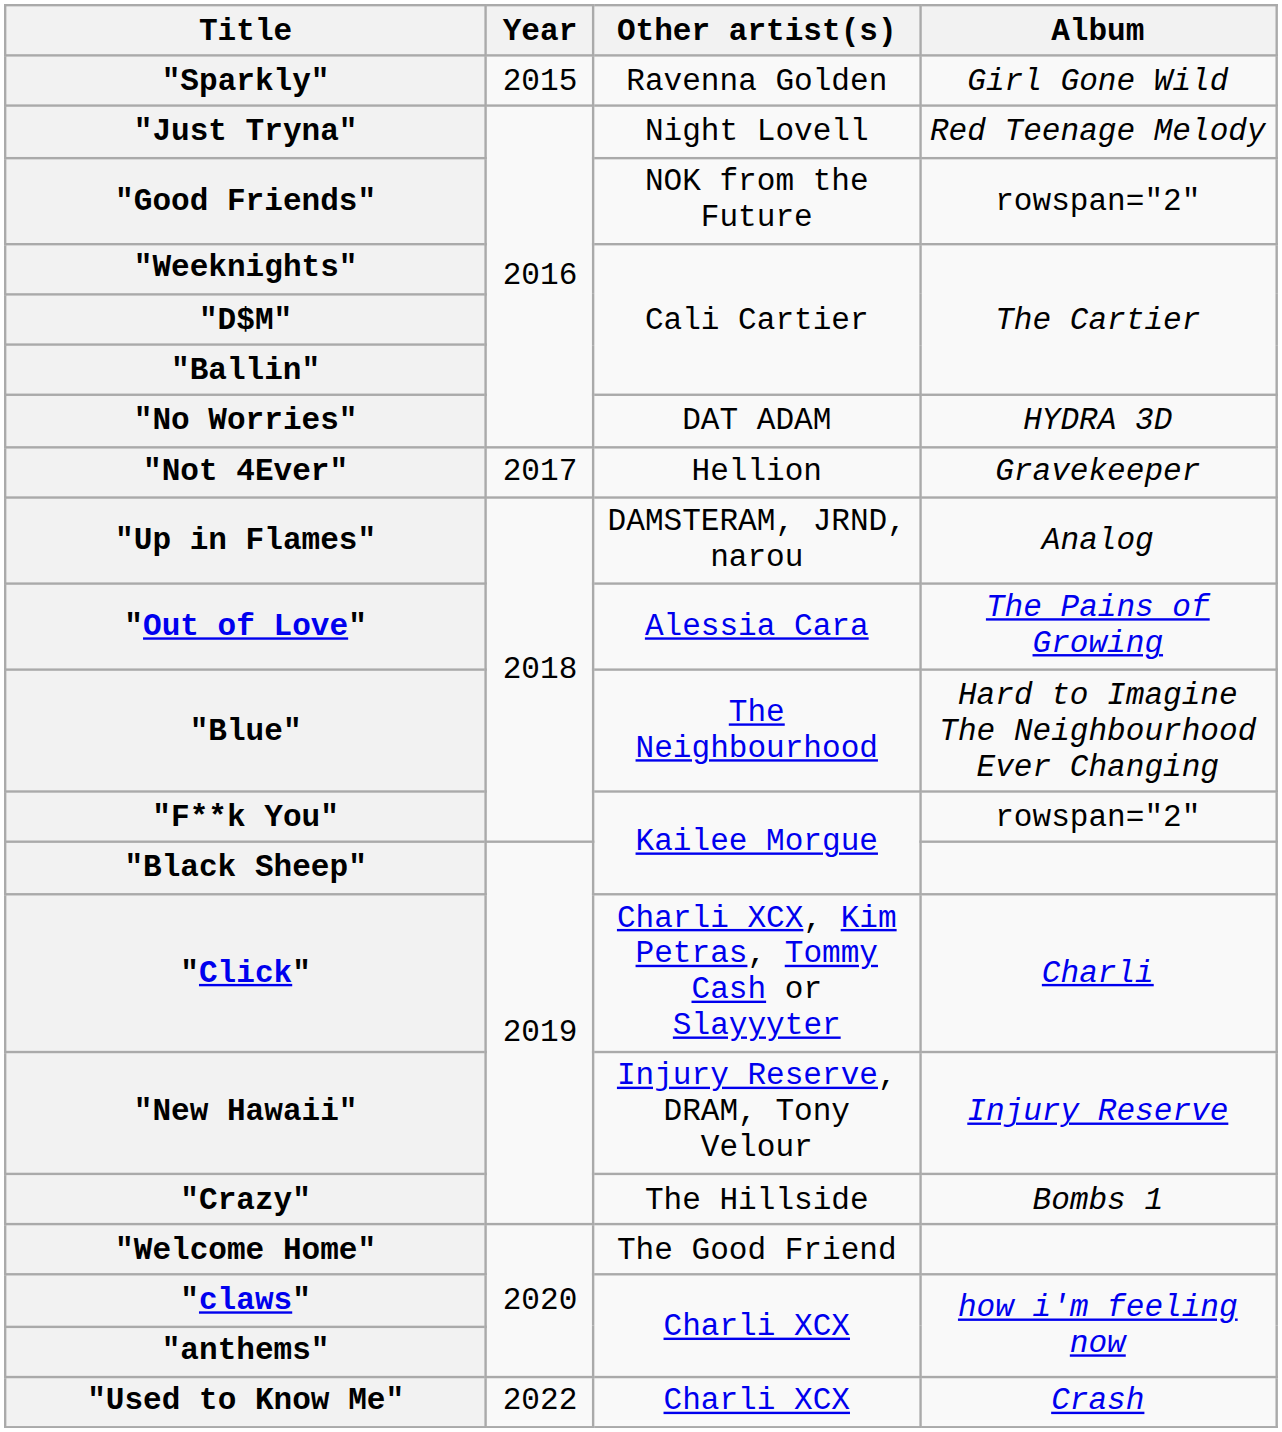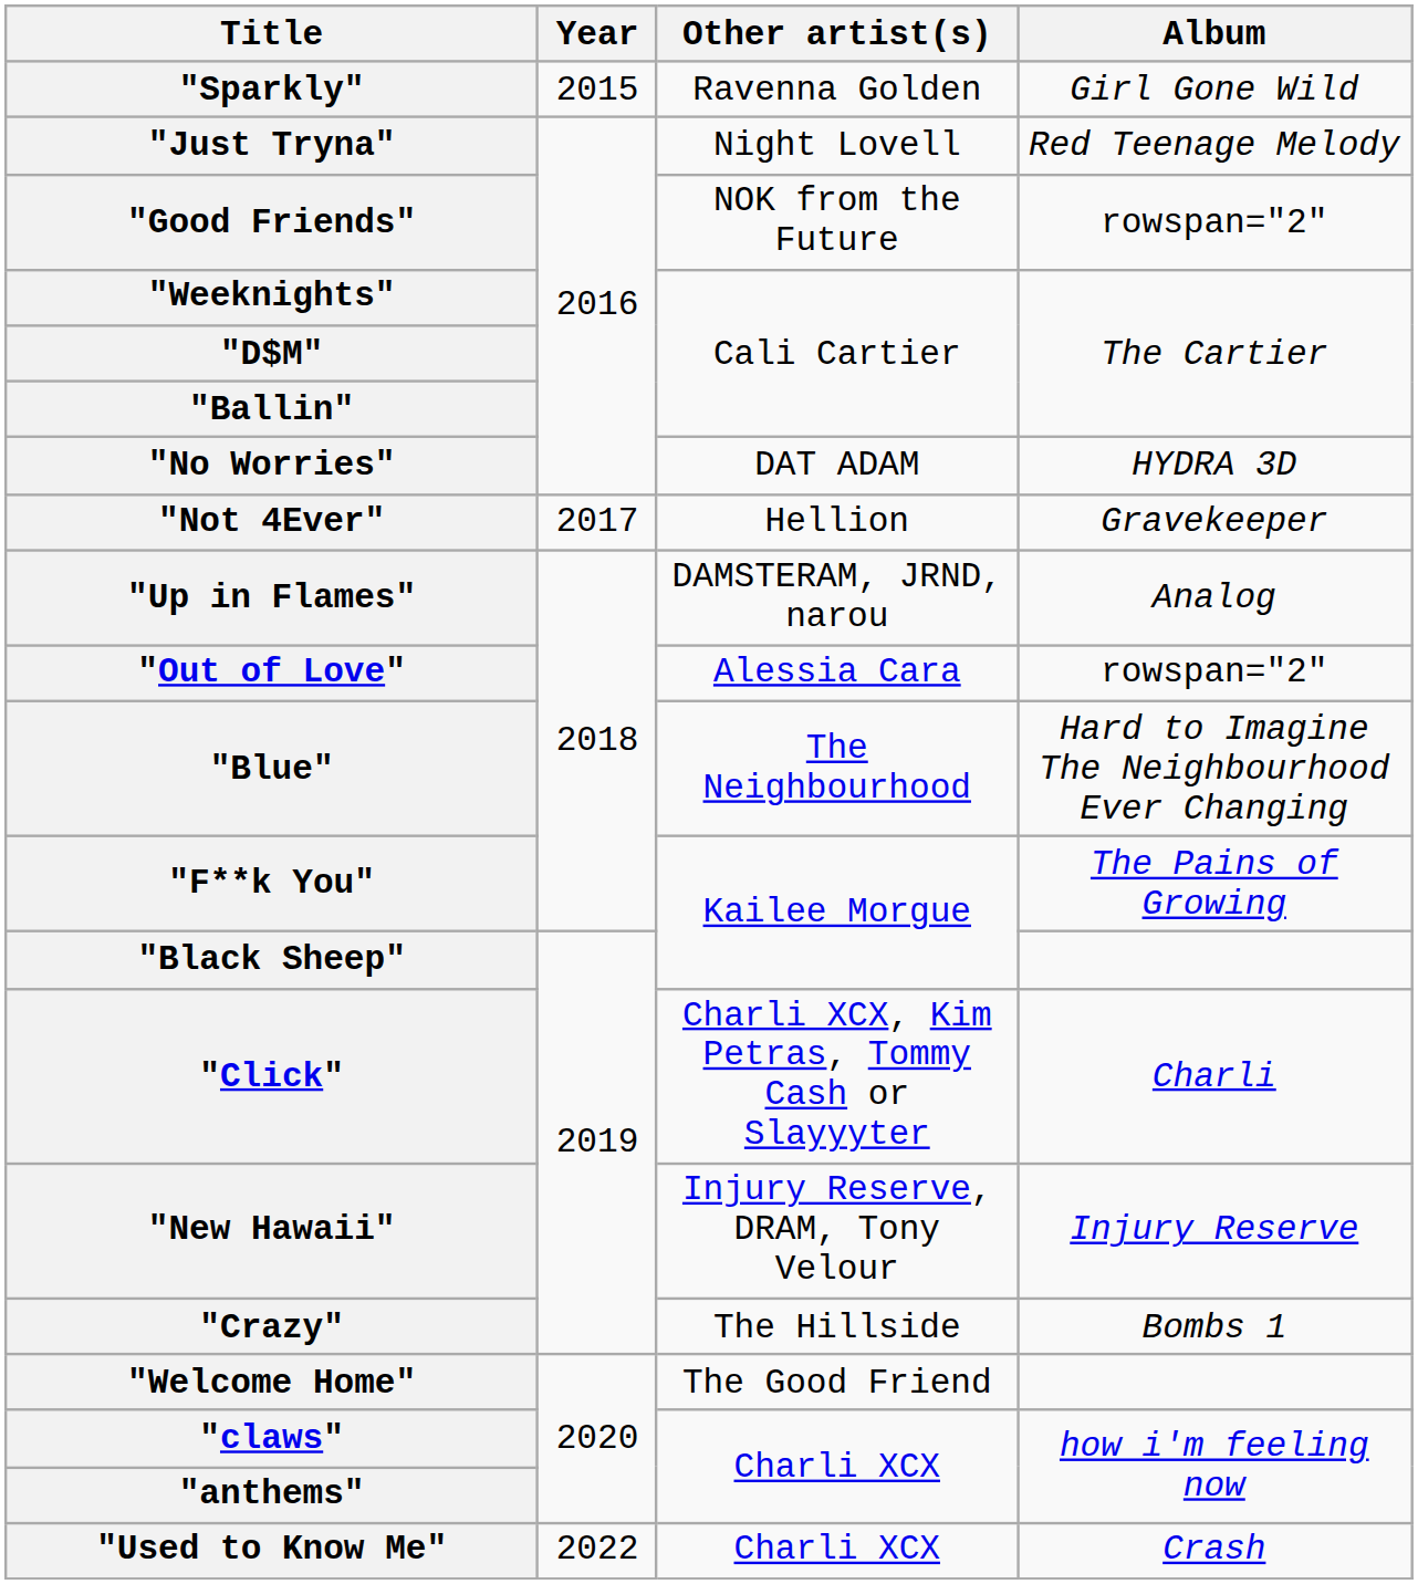 <table class="wikitable plainrowheaders" style="text-align:center;" border="1">
 <tr>
 <th scope="col" style="width:15em;">Title</th>
 <th scope="col" style="width:3em;">Year</th>
 <th scope="col" style="width:10em;">Other artist(s)</th>
 <th scope="col" style="width:11em;">Album</th>
 </tr>
 <tr>
 <th scope="row">"Sparkly"</th>
 <td>2015</td>
 <td>Ravenna Golden</td>
 <td><em>Girl Gone Wild</em></td>
 </tr>
 <tr>
 <th scope="row">"Just Tryna"</th>
 <td rowspan="6">2016</td>
 <td>Night Lovell</td>
 <td><em>Red Teenage Melody</em></td>
 </tr>
 <tr>
 <th scope="row">"Good Friends"</th>
 <td>NOK from the Future</td>
 <td>rowspan="2" </td>
 </tr>
 <tr>
 <th scope="row">"Weeknights"</th>
 <td rowspan="3">Cali Cartier</td>
 <td rowspan="3"><em>The Cartier</em></td>
 </tr>
 <tr>
 <th scope="row">"D$M"</th>
 </tr>
 <tr>
 <th scope="row">"Ballin"</th>
 </tr>
 <tr>
 <th scope="row">"No Worries"</th>
 <td>DAT ADAM</td>
 <td><em>HYDRA 3D</em></td>
 </tr>
 <tr>
 <th scope="row">"Not 4Ever"</th>
 <td>2017</td>
 <td>Hellion</td>
 <td><em>Gravekeeper</em></td>
 </tr>
 <tr>
 <th scope="row">"Up in Flames"</th>
 <td rowspan="4">2018</td>
 <td>DAMSTERAM, JRND, narou</td>
 <td><em>Analog</em></td>
 </tr>
 <tr>
 <th scope="row">"<a href='#'>Out of Love</a>"</th>
 <td><a href='#'>Alessia Cara</a></td>
-<td><em><a href='#'>The Pains of Growing</a></em></td>
+<td>rowspan="2" </td>
 </tr>
 <tr>
 <th scope="row">"Blue"</th>
 <td><a href='#'>The Neighbourhood</a></td>
 <td><em>Hard to Imagine The Neighbourhood Ever Changing</em></td>
 </tr>
 <tr>
 <th scope="row">"F**k You"</th>
 <td rowspan="2"><a href='#'>Kailee Morgue</a></td>
-<td>rowspan="2" </td>
+<td><em><a href='#'>The Pains of Growing</a></em></td>
 </tr>
 <tr>
 <th scope="row">"Black Sheep"</th>
 <td rowspan="4">2019</td>
 </tr>
 <tr>
 <th scope="row">"<a href='#'>Click</a>"</th>
 <td><a href='#'>Charli XCX</a>, <a href='#'>Kim Petras</a>, <a href='#'>Tommy Cash</a> or <a href='#'>Slayyyter</a></td>
 <td><em><a href='#'>Charli</a></em></td>
 </tr>
 <tr>
 <th scope="row">"New Hawaii"</th>
 <td><a href='#'>Injury Reserve</a>, DRAM, Tony Velour</td>
 <td><em><a href='#'>Injury Reserve</a></em></td>
 </tr>
 <tr>
 <th scope="row">"Crazy"</th>
 <td>The Hillside</td>
 <td><em>Bombs 1</em></td>
 </tr>
 <tr>
 <th scope="row">"Welcome Home"</th>
 <td rowspan="3">2020</td>
 <td>The Good Friend</td>
 </tr>
 <tr>
 <th scope="row">"<a href='#'>claws</a>"</th>
 <td rowspan="2"><a href='#'>Charli XCX</a></td>
 <td rowspan="2"><em><a href='#'>how i'm feeling now</a></em></td>
 </tr>
 <tr>
 <th scope="row">"anthems"</th>
 </tr>
 <tr>
 <th scope="row">"Used to Know Me"</th>
 <td>2022</td>
 <td><a href='#'>Charli XCX</a></td>
 <td><em><a href='#'>Crash</a></em></td>
 </tr>
 </table>
